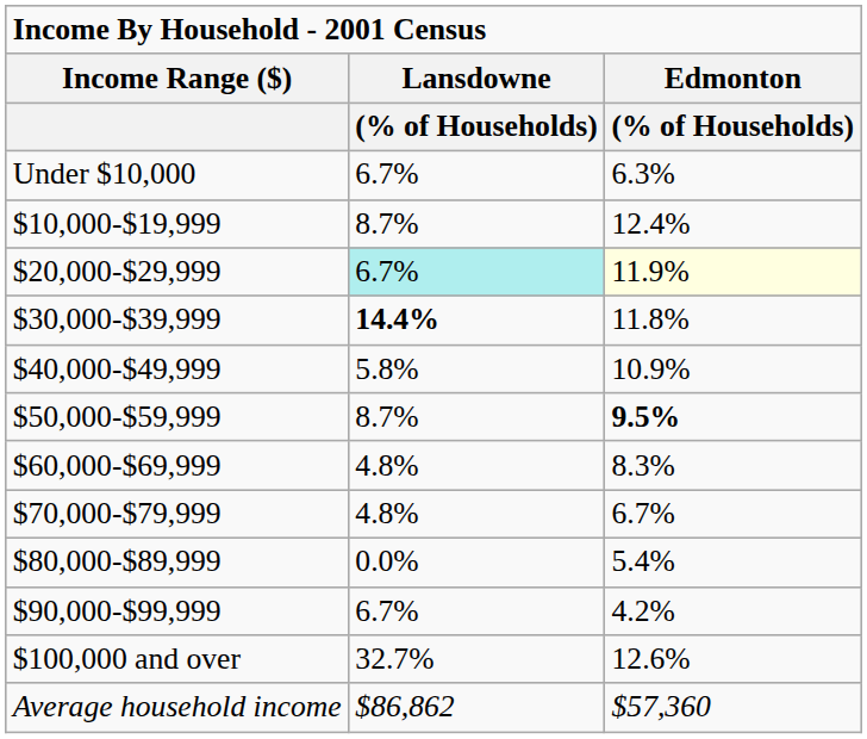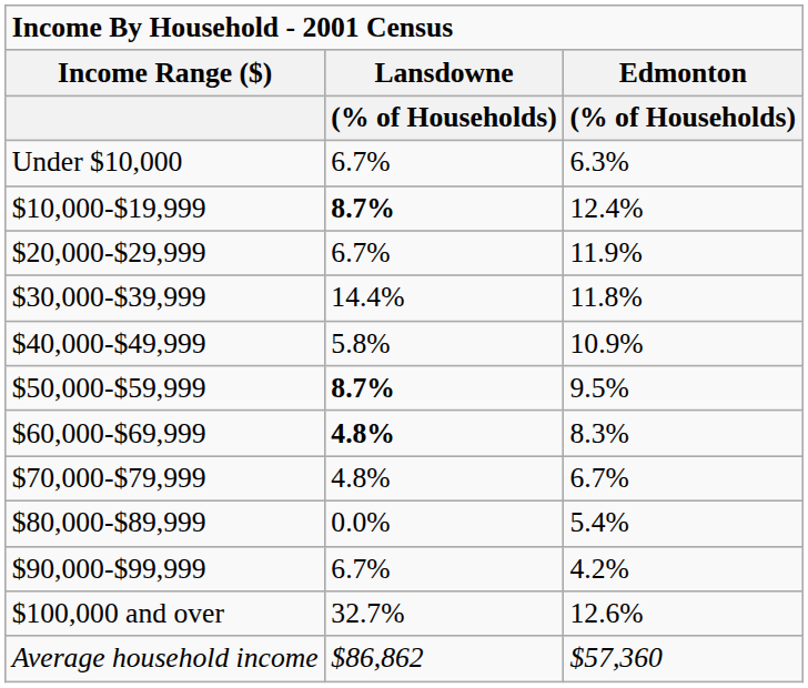 <table class="wikitable">
 <tr>
 <td colspan="3"><strong>Income By Household - 2001 Census</strong></td>
 </tr>
 <tr>
 <th>Income Range ($)</th>
 <th>Lansdowne</th>
 <th>Edmonton</th>
 </tr>
 <tr>
 <th></th>
 <th>(% of Households)</th>
 <th>(% of Households)</th>
 </tr>
 <tr>
 <td>Under $10,000</td>
 <td>6.7%</td>
 <td>6.3%</td>
 </tr>
 <tr>
 <td>$10,000-$19,999</td>
-<td>8.7%</td>
+<td><strong>8.7%</strong></td>
 <td>12.4%</td>
 </tr>
 <tr>
 <td>$20,000-$29,999</td>
-<td style="background: paleturquoise;">6.7%</td>
-<td style="background: lightyellow;">11.9%</td>
+<td>6.7%</td>
+<td>11.9%</td>
 </tr>
 <tr>
 <td>$30,000-$39,999</td>
-<td><strong>14.4%</strong></td>
+<td>14.4%</td>
 <td>11.8%</td>
 </tr>
 <tr>
 <td>$40,000-$49,999</td>
 <td>5.8%</td>
 <td>10.9%</td>
 </tr>
 <tr>
 <td>$50,000-$59,999</td>
-<td>8.7%</td>
-<td><strong>9.5%</strong></td>
+<td><strong>8.7%</strong></td>
+<td>9.5%</td>
 </tr>
 <tr>
 <td>$60,000-$69,999</td>
-<td>4.8%</td>
+<td><strong>4.8%</strong></td>
 <td>8.3%</td>
 </tr>
 <tr>
 <td>$70,000-$79,999</td>
 <td>4.8%</td>
 <td>6.7%</td>
 </tr>
 <tr>
 <td>$80,000-$89,999</td>
 <td>0.0%</td>
 <td>5.4%</td>
 </tr>
 <tr>
 <td>$90,000-$99,999</td>
 <td>6.7%</td>
 <td>4.2%</td>
 </tr>
 <tr>
 <td>$100,000 and over</td>
 <td>32.7%</td>
 <td>12.6%</td>
 </tr>
 <tr>
 <td><em>Average household income</em></td>
 <td><em>$86,862 </em></td>
 <td><em>$57,360</em></td>
 </tr>
 </table>
